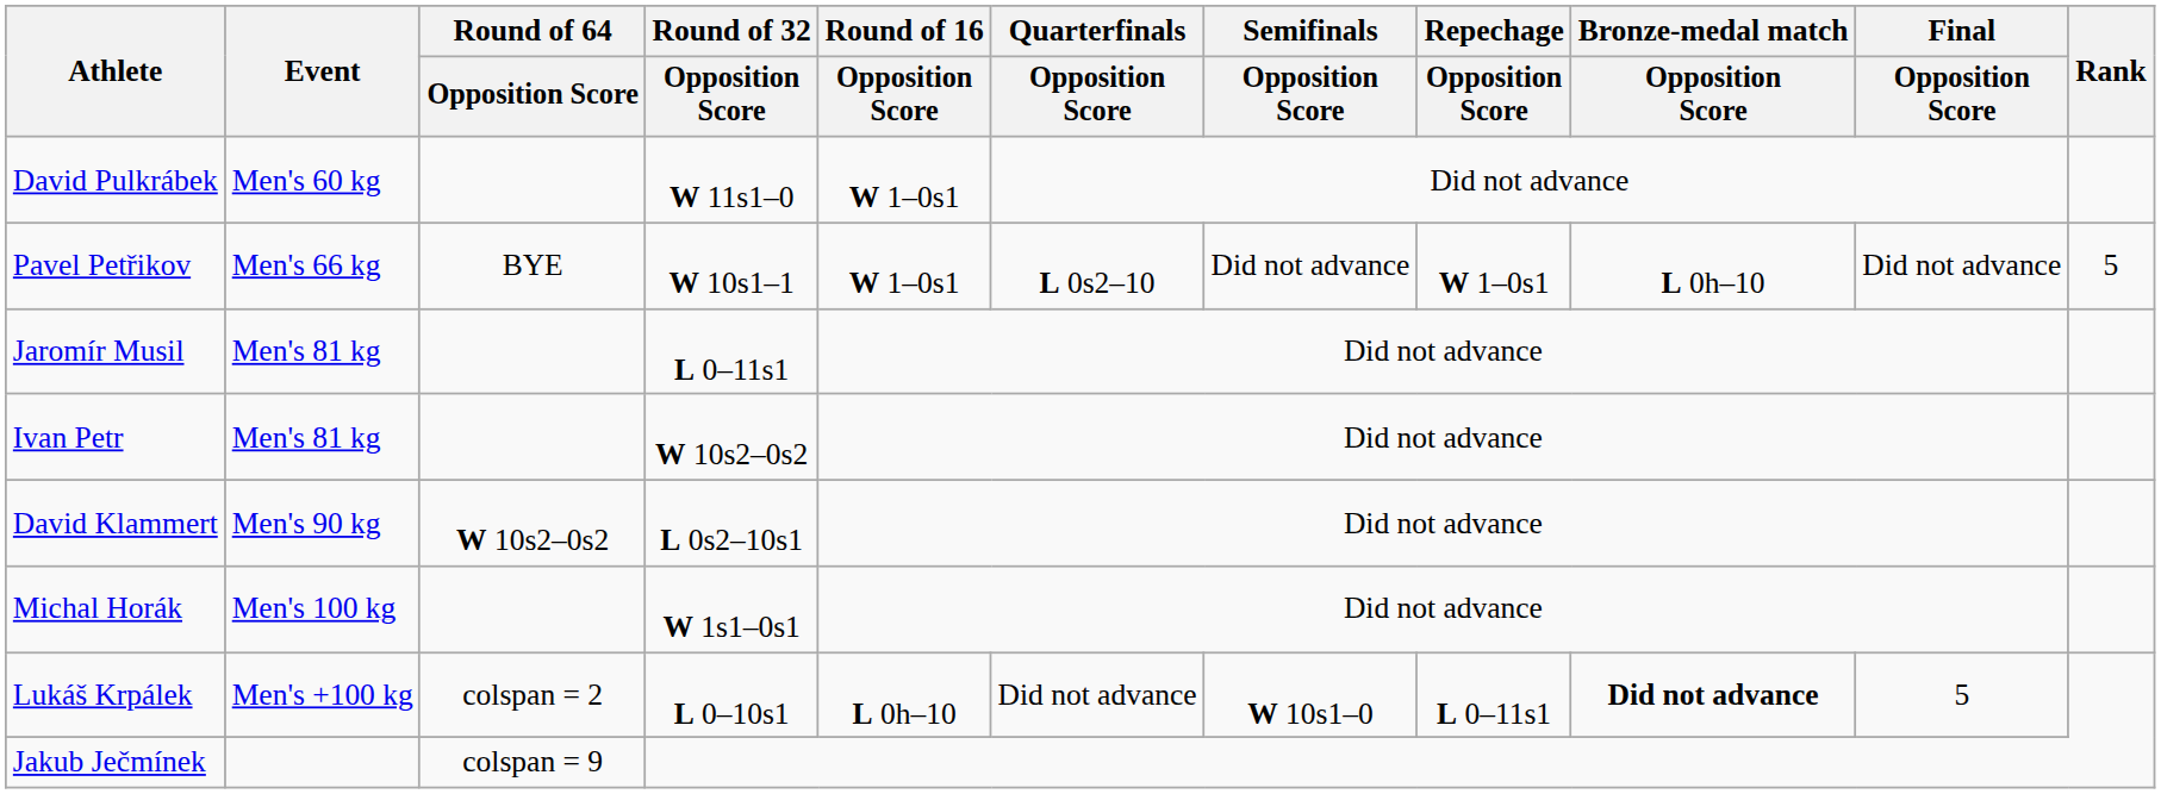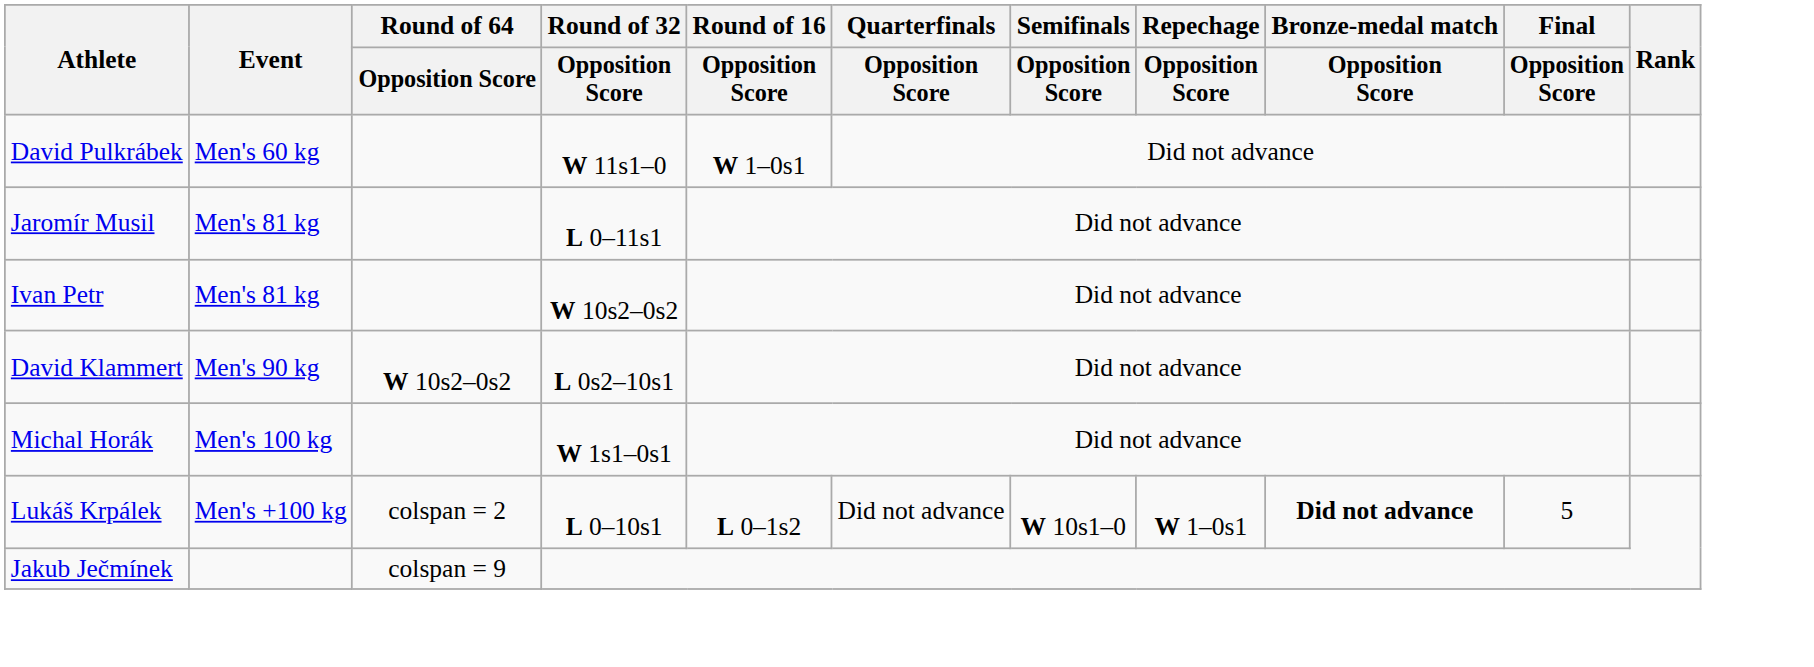 <table class="wikitable" style="font-size:90%">
 <tr>
 <th rowspan="2">Athlete</th>
 <th rowspan="2">Event</th>
 <th>Round of 64</th>
 <th>Round of 32</th>
 <th>Round of 16</th>
 <th>Quarterfinals</th>
 <th>Semifinals</th>
 <th>Repechage</th>
 <th>Bronze-medal match</th>
 <th>Final</th>
 <th rowspan="2">Rank</th>
 </tr>
 <tr style="font-size:95%">
 <th>Opposition Score</th>
 <th>Opposition<br>Score</th>
 <th>Opposition<br>Score</th>
 <th>Opposition<br>Score</th>
 <th>Opposition<br>Score</th>
 <th>Opposition<br>Score</th>
 <th>Opposition<br>Score</th>
 <th>Opposition<br>Score</th>
 </tr>
 <tr align = "center">
 <td align = "left"><a href='#'>David Pulkrábek</a></td>
 <td align = "left"><a href='#'>Men's 60 kg</a></td>
 <td></td>
 <td><br><strong>W</strong> 11s1–0</td>
 <td><br><strong>W</strong> 1–0s1</td>
 <td colspan="5">Did not advance</td>
 <td></td>
-</tr>
-<tr align = "center">
-<td align = "left"><a href='#'>Pavel Petřikov</a></td>
-<td align = "left"><a href='#'>Men's 66 kg</a></td>
-<td>BYE</td>
-<td><br><strong>W</strong> 10s1–1</td>
-<td><br><strong>W</strong> 1–0s1</td>
-<td><br><strong>L</strong> 0s2–10</td>
-<td>Did not advance</td>
-<td><br><strong>W</strong> 1–0s1</td>
-<td><br><strong>L</strong> 0h–10</td>
-<td>Did not advance</td>
-<td>5</td>
 </tr>
 <tr align = "center">
 <td align = "left"><a href='#'>Jaromír Musil</a></td>
 <td align = "left"><a href='#'>Men's 81 kg</a></td>
 <td></td>
 <td><br><strong>L</strong> 0–11s1</td>
 <td colspan="6">Did not advance</td>
 <td></td>
 </tr>
 <tr align = "center">
 <td align = "left"><a href='#'>Ivan Petr</a></td>
 <td align = "left"><a href='#'>Men's 81 kg</a></td>
 <td></td>
 <td><br><strong>W</strong> 10s2–0s2</td>
 <td colspan="6">Did not advance</td>
 <td></td>
 </tr>
 <tr align = "center">
 <td align = "left"><a href='#'>David Klammert</a></td>
 <td align = "left"><a href='#'>Men's 90 kg</a></td>
 <td><br><strong>W</strong> 10s2–0s2</td>
 <td><br><strong>L</strong> 0s2–10s1</td>
 <td colspan="6">Did not advance</td>
 <td></td>
 </tr>
 <tr align="center">
 <td align="left"><a href='#'>Michal Horák</a></td>
 <td align = "left"><a href='#'>Men's 100 kg</a></td>
 <td></td>
 <td><br><strong>W</strong> 1s1–0s1</td>
 <td colspan="6">Did not advance</td>
 <td></td>
 </tr>
 <tr align = "center">
 <td align = "left"><a href='#'>Lukáš Krpálek</a></td>
 <td align = "left"><a href='#'>Men's +100 kg</a></td>
 <td>colspan = 2 </td>
 <td><br><strong>L</strong> 0–10s1</td>
-<td><br><strong>L</strong> 0h–10</td>
+<td><br><strong>L</strong> 0–1s2</td>
 <td>Did not advance</td>
 <td><br><strong>W</strong> 10s1–0</td>
-<td><br><strong>L</strong> 0–11s1</td>
+<td><br><strong>W</strong> 1–0s1</td>
 <td><strong>Did not advance</strong></td>
 <td>5</td>
 </tr>
 <tr align = "center">
 <td align = "left"><a href='#'>Jakub Ječmínek</a></td>
 <td align = "left"></td>
 <td>colspan = 9 </td>
 </tr>
 </table>
